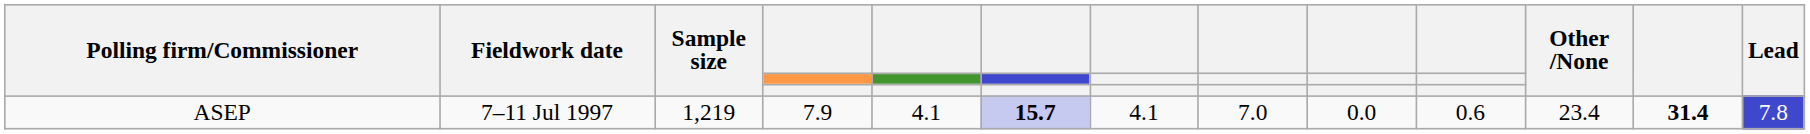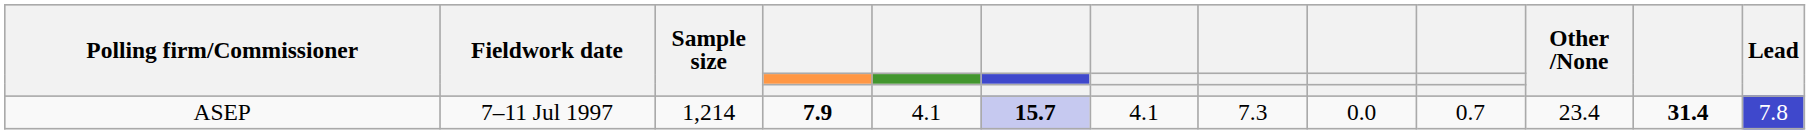 <table class="wikitable collapsible collapsed" style="text-align:center; font-size:90%; line-height:14px;">
 <tr style="height:42px;">
 <th style="width:260px;" rowspan="3">Polling firm/Commissioner</th>
 <th style="width:125px;" rowspan="3">Fieldwork date</th>
 <th style="width:60px;" rowspan="3">Sample size</th>
 <th style="width:60px;"></th>
 <th style="width:60px;"></th>
 <th style="width:60px;"></th>
 <th style="width:60px;"></th>
 <th style="width:60px;"></th>
 <th style="width:60px;"></th>
 <th style="width:60px;"></th>
 <th style="width:60px;" rowspan="3">Other<br>/None</th>
 <th style="width:60px;" rowspan="3"></th>
 <th style="width:30px;" rowspan="3">Lead</th>
 </tr>
 <tr>
 <th style="color:inherit;background:#FF9744;"></th>
 <th style="color:inherit;background:#43962E;"></th>
 <th style="color:inherit;background:#3F48CC;"></th>
 <th style="color:inherit;background:"></th>
 <th style="color:inherit;background:"></th>
 <th style="color:inherit;background:"></th>
 <th style="color:inherit;background:"></th>
 </tr>
 <tr>
 <th></th>
 <th></th>
 <th></th>
 <th></th>
 <th></th>
 <th></th>
 <th></th>
 </tr>
 <tr>
 <td>ASEP</td>
 <td>7–11 Jul 1997</td>
-<td>1,219</td>
-<td>7.9</td>
+<td>1,214</td>
+<td><strong>7.9</strong></td>
 <td>4.1</td>
 <td style="color:inherit;background:#C6C9F0;"><strong>15.7</strong></td>
 <td>4.1</td>
-<td>7.0</td>
+<td>7.3</td>
 <td>0.0</td>
-<td>0.6</td>
+<td>0.7</td>
 <td>23.4</td>
 <td><strong>31.4</strong></td>
 <td style="color:inherit;background:#3F48CC; color:white;">7.8</td>
 </tr>
 </table>
